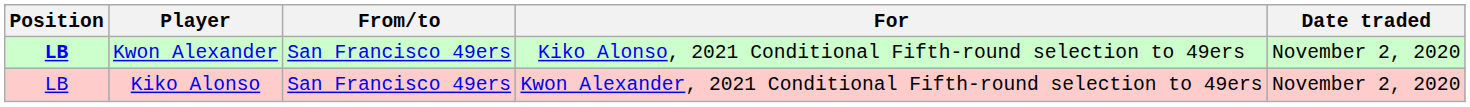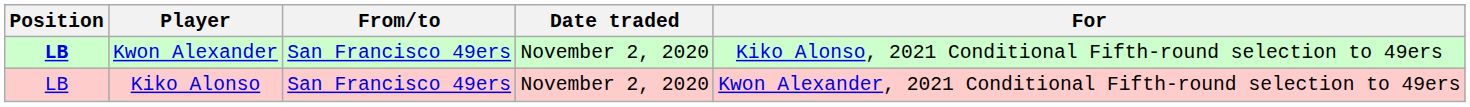 <table class="wikitable" style="text-align:center">
 <tr>
 <th>Position</th>
 <th>Player</th>
 <th>From/to</th>
+<th>Date traded</th>
 <th>For</th>
-<th>Date traded</th>
 </tr>
 <tr style="background:#cfc">
 <td><strong><a href='#'>LB</a></strong></td>
 <td><a href='#'>Kwon Alexander</a></td>
 <td><a href='#'>San Francisco 49ers</a></td>
+<td>November 2, 2020</td>
 <td><a href='#'>Kiko Alonso</a>, 2021 Conditional Fifth-round selection to 49ers</td>
-<td>November 2, 2020</td>
 </tr>
 <tr style="background:#fcc">
 <td><a href='#'>LB</a></td>
 <td><a href='#'>Kiko Alonso</a></td>
 <td><a href='#'>San Francisco 49ers</a></td>
+<td>November 2, 2020</td>
 <td><a href='#'>Kwon Alexander</a>, 2021 Conditional Fifth-round selection to 49ers</td>
-<td>November 2, 2020</td>
 </tr>
 </table>
